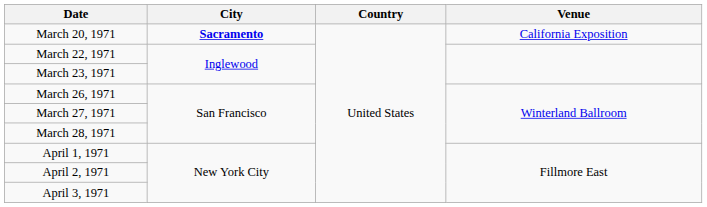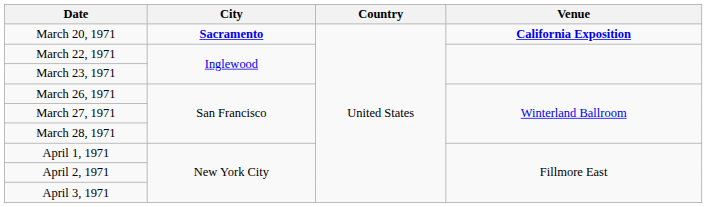 <table class="wikitable sortable plainrowheaders" style="text-align:center;">
 <tr>
 <th scope="col" style="width:11em;">Date</th>
 <th scope="col" style="width:13em;">City</th>
 <th scope="col" style="width:10em;">Country</th>
 <th scope="col" style="width:20em;">Venue</th>
 </tr>
 <tr>
 <td>March 20, 1971</td>
 <td><strong><a href='#'>Sacramento</a></strong></td>
 <td rowspan="9">United States</td>
-<td><a href='#'>California Exposition</a></td>
+<td><strong><a href='#'>California Exposition</a></strong></td>
 </tr>
 <tr>
 <td>March 22, 1971</td>
 <td rowspan="2"><a href='#'>Inglewood</a></td>
 <td rowspan="2"></td>
 </tr>
 <tr>
 <td>March 23, 1971</td>
 </tr>
 <tr>
 <td>March 26, 1971</td>
 <td rowspan="3">San Francisco</td>
 <td rowspan="3"><a href='#'>Winterland Ballroom</a></td>
 </tr>
 <tr>
 <td>March 27, 1971</td>
 </tr>
 <tr>
 <td>March 28, 1971</td>
 </tr>
 <tr>
 <td>April 1, 1971</td>
 <td rowspan="3">New York City</td>
 <td rowspan="3">Fillmore East</td>
 </tr>
 <tr>
 <td>April 2, 1971</td>
 </tr>
 <tr>
 <td>April 3, 1971</td>
 </tr>
 </table>
